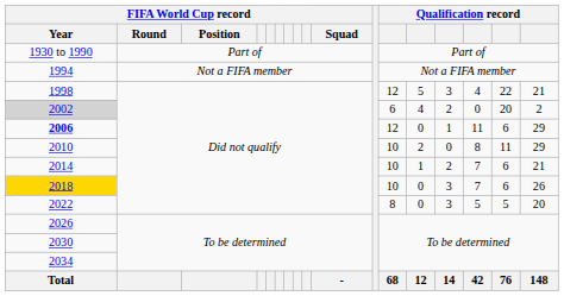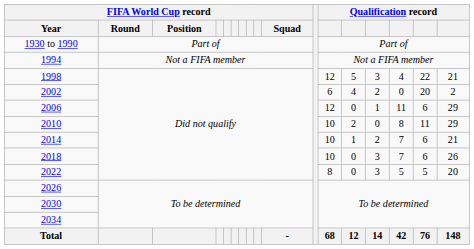 <table class="wikitable" style="text-align: center;">
 <tr>
 <th colspan=10><a href='#'>FIFA World Cup</a> record</th>
 <th width=1% rowspan=15></th>
 <th colspan=7><a href='#'>Qualification</a> record</th>
 </tr>
 <tr>
 <th>Year</th>
 <th>Round</th>
 <th>Position</th>
 <th></th>
 <th></th>
 <th></th>
 <th></th>
 <th></th>
 <th></th>
 <th>Squad</th>
 <th></th>
 <th></th>
 <th></th>
 <th></th>
 <th></th>
 <th></th>
 </tr>
 <tr>
 <td> <a href='#'>1930</a> to  <a href='#'>1990</a></td>
 <td colspan="9"><em>Part of </em></td>
 <td colspan=7><em>Part of </em></td>
 </tr>
 <tr>
 <td> <a href='#'>1994</a></td>
 <td colspan="9"><em>Not a FIFA member</em></td>
 <td colspan=7><em>Not a FIFA member</em></td>
 </tr>
 <tr>
 <td> <a href='#'>1998</a></td>
 <td rowspan="7" colspan="9"><em>Did not qualify</em></td>
 <td>12</td>
 <td>5</td>
 <td>3</td>
 <td>4</td>
 <td>22</td>
 <td>21</td>
 </tr>
 <tr>
-<td style="background: lightgrey;">  <a href='#'>2002</a></td>
+<td>  <a href='#'>2002</a></td>
 <td>6</td>
 <td>4</td>
 <td>2</td>
 <td>0</td>
 <td>20</td>
 <td>2</td>
 </tr>
 <tr>
-<td><strong> <a href='#'>2006</a></strong></td>
+<td> <a href='#'>2006</a></td>
 <td>12</td>
 <td>0</td>
 <td>1</td>
 <td>11</td>
 <td>6</td>
 <td>29</td>
 </tr>
 <tr>
 <td> <a href='#'>2010</a></td>
 <td>10</td>
 <td>2</td>
 <td>0</td>
 <td>8</td>
 <td>11</td>
 <td>29</td>
 </tr>
 <tr>
 <td> <a href='#'>2014</a></td>
 <td>10</td>
 <td>1</td>
 <td>2</td>
 <td>7</td>
 <td>6</td>
 <td>21</td>
 </tr>
 <tr>
-<td style="background: gold;"> <a href='#'>2018</a></td>
+<td> <a href='#'>2018</a></td>
 <td>10</td>
 <td>0</td>
 <td>3</td>
 <td>7</td>
 <td>6</td>
 <td>26</td>
 </tr>
 <tr>
 <td> <a href='#'>2022</a></td>
 <td>8</td>
 <td>0</td>
 <td>3</td>
 <td>5</td>
 <td>5</td>
 <td>20</td>
 </tr>
 <tr>
 <td>   <a href='#'>2026</a></td>
 <td colspan=9 rowspan=3><em>To be determined</em></td>
 <td colspan=7 rowspan=3><em>To be determined</em></td>
 </tr>
 <tr>
 <td>   <a href='#'>2030</a></td>
 </tr>
 <tr>
 <td> <a href='#'>2034</a></td>
 </tr>
 <tr>
 <th>Total</th>
 <th></th>
 <th></th>
 <th></th>
 <th></th>
 <th></th>
 <th></th>
 <th></th>
 <th></th>
 <th>-</th>
 <th>68</th>
 <th>12</th>
 <th>14</th>
 <th>42</th>
 <th>76</th>
 <th>148</th>
 </tr>
 </table>
